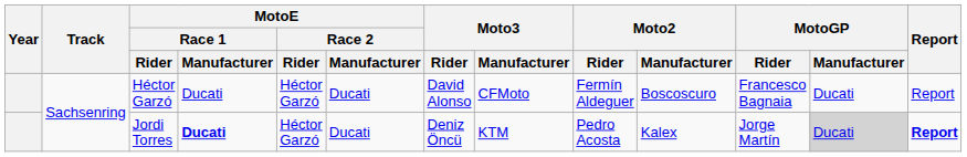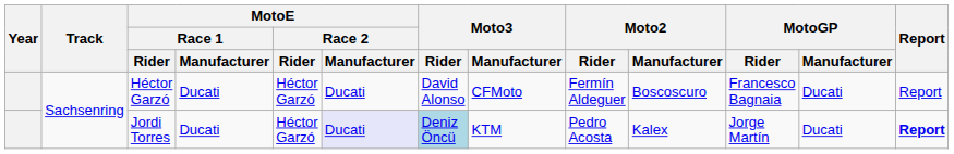 <table class="wikitable" style="font-size: 95%;">
 <tr>
 <th rowspan=3>Year</th>
 <th rowspan=3>Track</th>
 <th colspan=4>MotoE</th>
 <th colspan=2 rowspan=2>Moto3</th>
 <th colspan=2 rowspan=2>Moto2</th>
 <th colspan=2 rowspan=2>MotoGP</th>
 <th rowspan=3>Report</th>
 </tr>
 <tr>
 <th colspan=2>Race 1</th>
 <th colspan=2>Race 2</th>
 </tr>
 <tr>
 <th>Rider</th>
 <th>Manufacturer</th>
 <th>Rider</th>
 <th>Manufacturer</th>
 <th>Rider</th>
 <th>Manufacturer</th>
 <th>Rider</th>
 <th>Manufacturer</th>
 <th>Rider</th>
 <th>Manufacturer</th>
 </tr>
 <tr>
 <th></th>
 <td rowspan=2><a href='#'>Sachsenring</a></td>
 <td> <a href='#'>Héctor Garzó</a></td>
 <td><a href='#'>Ducati</a></td>
 <td> <a href='#'>Héctor Garzó</a></td>
 <td><a href='#'>Ducati</a></td>
 <td> <a href='#'>David Alonso</a></td>
 <td><a href='#'>CFMoto</a></td>
 <td> <a href='#'>Fermín Aldeguer</a></td>
 <td><a href='#'>Boscoscuro</a></td>
 <td> <a href='#'>Francesco Bagnaia</a></td>
 <td><a href='#'>Ducati</a></td>
 <td><a href='#'>Report</a></td>
 </tr>
 <tr>
 <th></th>
 <td> <a href='#'>Jordi Torres</a></td>
-<td><strong><a href='#'>Ducati</a></strong></td>
+<td><a href='#'>Ducati</a></td>
 <td> <a href='#'>Héctor Garzó</a></td>
-<td><a href='#'>Ducati</a></td>
-<td> <a href='#'>Deniz Öncü</a></td>
+<td style="background: lavender;"><a href='#'>Ducati</a></td>
+<td style="background: lightblue;"> <a href='#'>Deniz Öncü</a></td>
 <td><a href='#'>KTM</a></td>
 <td> <a href='#'>Pedro Acosta</a></td>
 <td><a href='#'>Kalex</a></td>
 <td> <a href='#'>Jorge Martín</a></td>
-<td style="background: lightgrey;"><a href='#'>Ducati</a></td>
+<td><a href='#'>Ducati</a></td>
 <td><strong><a href='#'>Report</a></strong></td>
 </tr>
 </table>
